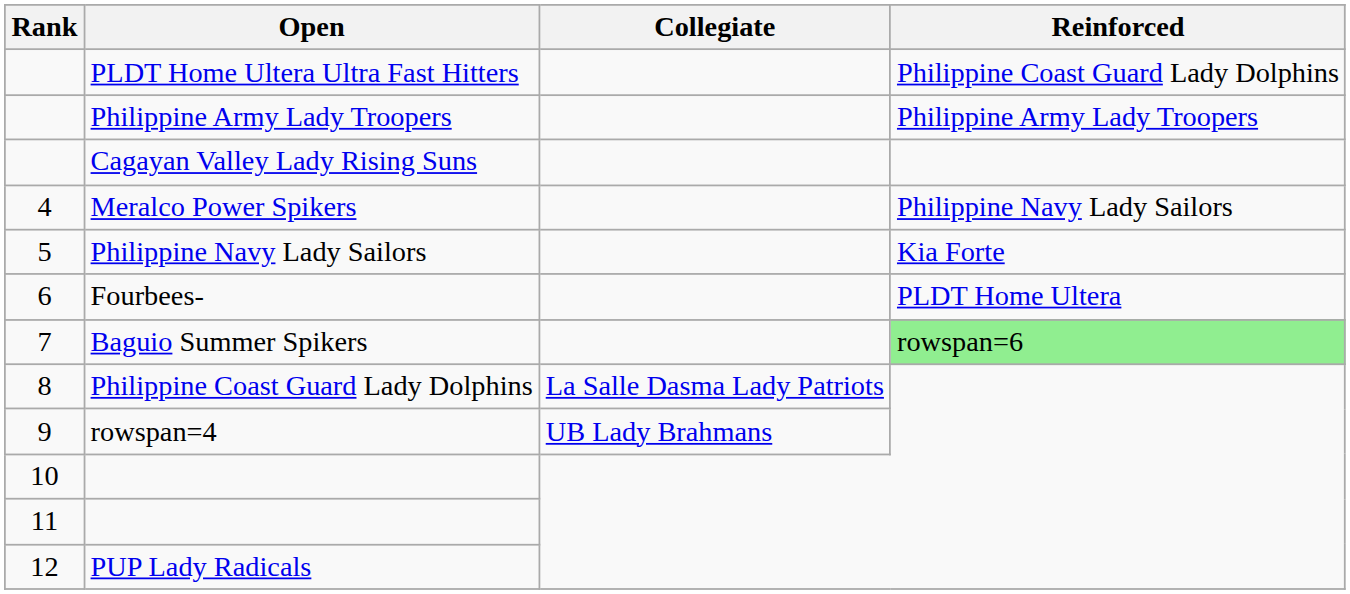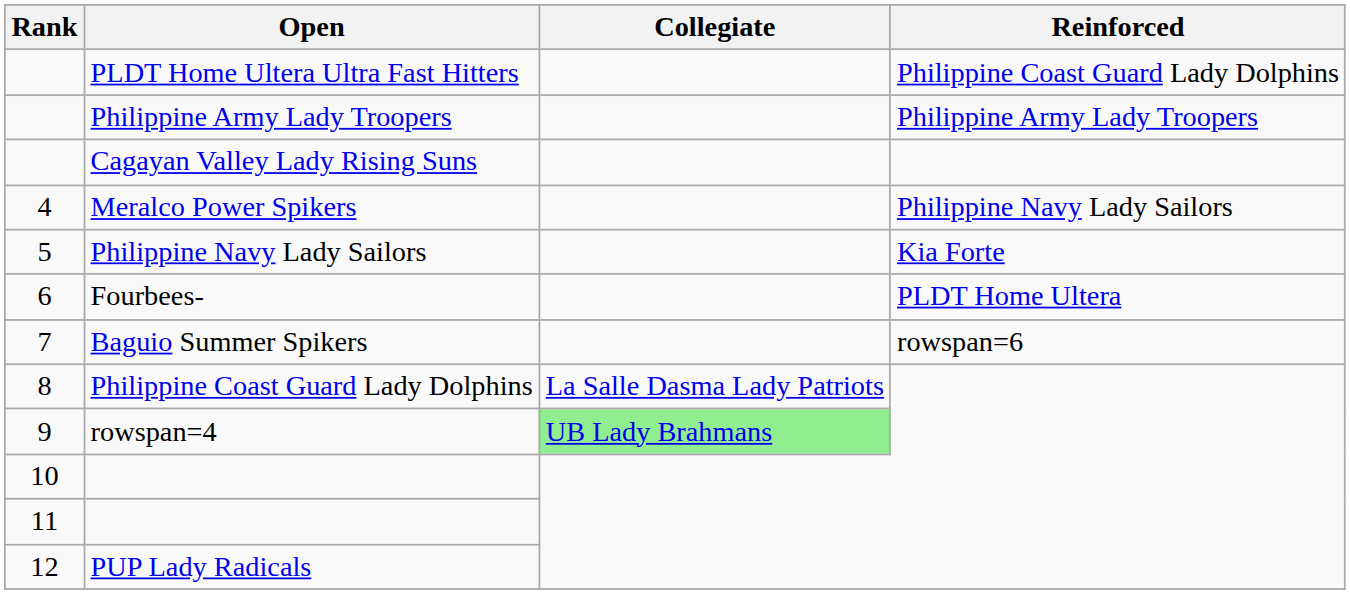 <table class="wikitable">
 <tr>
 <th>Rank</th>
 <th>Open</th>
 <th>Collegiate</th>
 <th>Reinforced</th>
 </tr>
 <tr>
 <td align=center></td>
 <td><a href='#'>PLDT Home Ultera Ultra Fast Hitters</a></td>
 <td></td>
 <td><a href='#'>Philippine Coast Guard</a> Lady Dolphins</td>
 </tr>
 <tr>
 <td align=center></td>
 <td><a href='#'>Philippine Army Lady Troopers</a></td>
 <td></td>
 <td><a href='#'>Philippine Army Lady Troopers</a></td>
 </tr>
 <tr>
 <td align=center></td>
 <td><a href='#'>Cagayan Valley Lady Rising Suns</a></td>
 <td></td>
 <td></td>
 </tr>
 <tr>
 <td align=center>4</td>
 <td><a href='#'>Meralco Power Spikers</a></td>
 <td></td>
 <td><a href='#'>Philippine Navy</a> Lady Sailors</td>
 </tr>
 <tr>
 <td align=center>5</td>
 <td><a href='#'>Philippine Navy</a> Lady Sailors</td>
 <td></td>
 <td><a href='#'>Kia Forte</a></td>
 </tr>
 <tr>
 <td align=center>6</td>
 <td>Fourbees-</td>
 <td></td>
 <td><a href='#'>PLDT Home Ultera</a></td>
 </tr>
 <tr>
 <td align=center>7</td>
 <td><a href='#'>Baguio</a> Summer Spikers</td>
 <td></td>
-<td style="background: lightgreen;">rowspan=6 </td>
+<td>rowspan=6 </td>
 </tr>
 <tr>
 <td align=center>8</td>
 <td><a href='#'>Philippine Coast Guard</a> Lady Dolphins</td>
 <td> <a href='#'>La Salle Dasma Lady Patriots</a></td>
 </tr>
 <tr>
 <td align=center>9</td>
 <td>rowspan=4 </td>
-<td> <a href='#'>UB Lady Brahmans</a></td>
+<td style="background: lightgreen;"> <a href='#'>UB Lady Brahmans</a></td>
 </tr>
 <tr>
 <td align=center>10</td>
 <td></td>
 </tr>
 <tr>
 <td align=center>11</td>
 <td></td>
 </tr>
 <tr>
 <td align=center>12</td>
 <td> <a href='#'>PUP Lady Radicals</a></td>
 </tr>
 </table>
